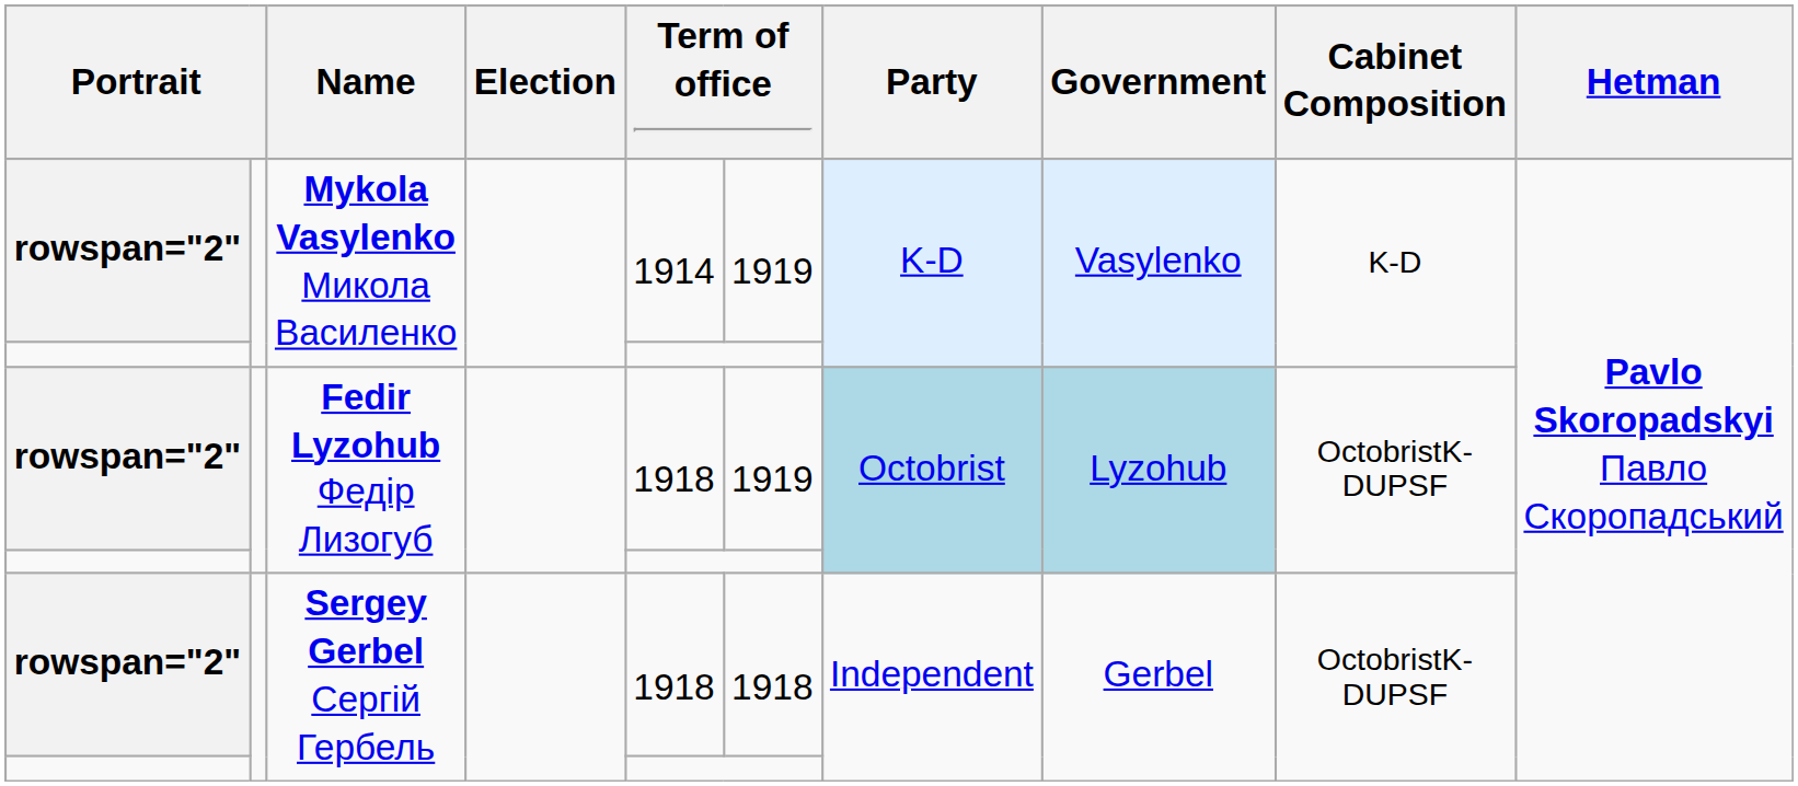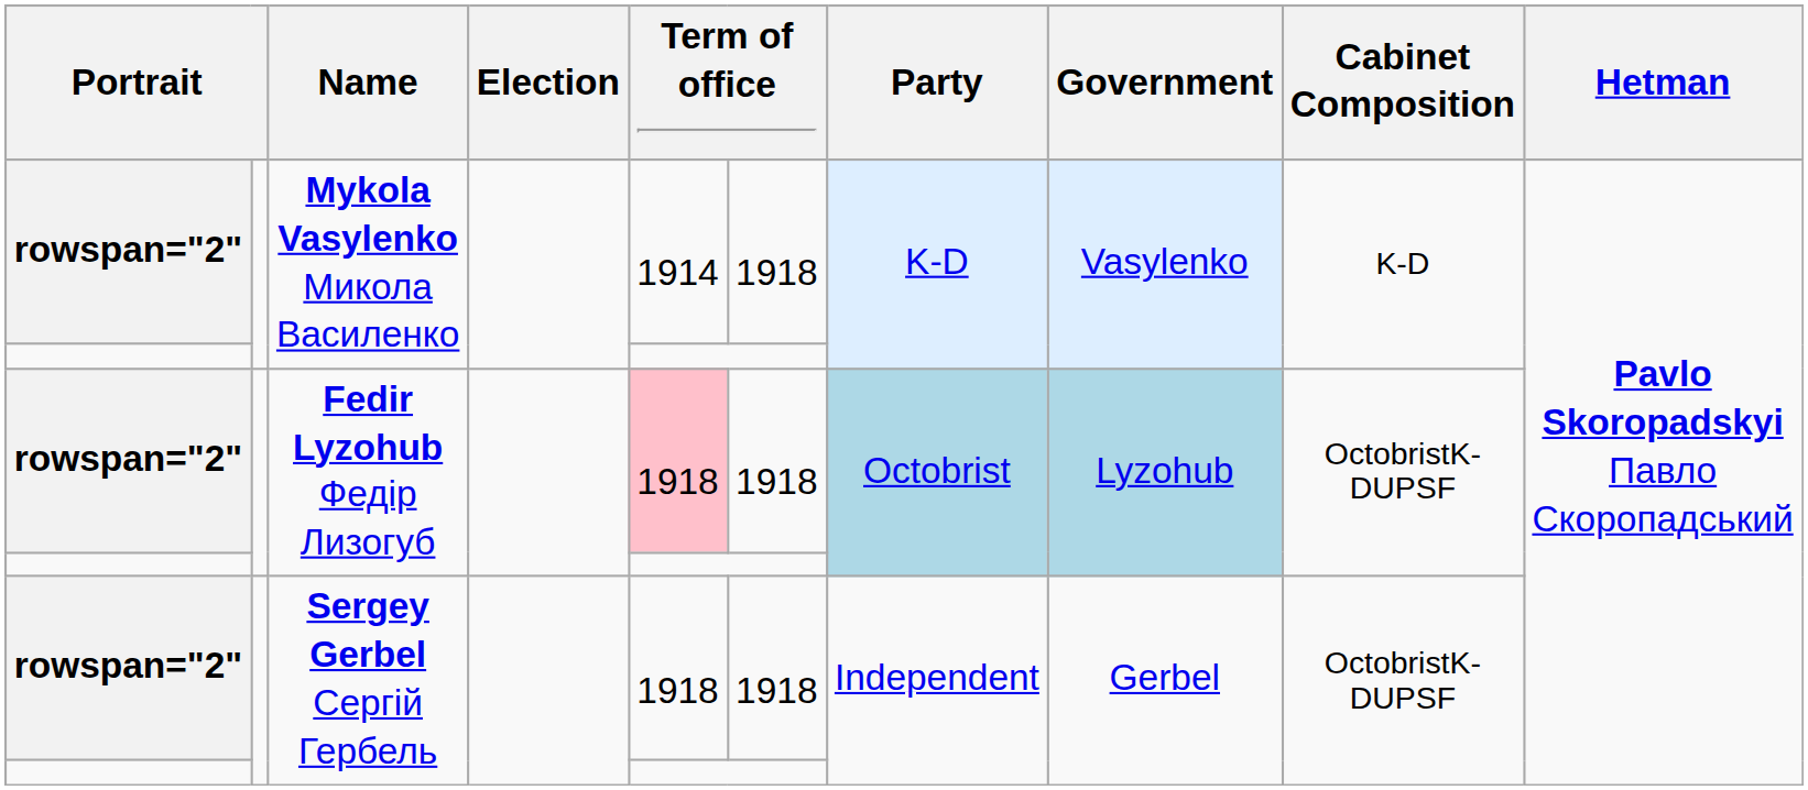 <table class="wikitable plainrowheaders" style="text-align: center; line-height: 130%; width: 99%">
 <tr>
 <th colspan="2" scope="col" style="width: 10%">Portrait</th>
 <th scope="col" style="width: 15%">Name<br></th>
 <th scope="col" style="width: 5%">Election</th>
 <th colspan="2" scope="col" style="width: 20%">Term of office<hr></th>
 <th scope="col" style="width: 10%">Party</th>
 <th scope="col" style="width: 10%">Government</th>
 <th scope="col" style="width: 20%">Cabinet Composition</th>
 <th scope="col" style="width: 10%"><a href='#'>Hetman</a></th>
 </tr>
 <tr>
 <th>rowspan="2" </th>
 <td rowspan="2"></td>
 <td rowspan="2"><a href='#'><strong>Mykola Vasylenko</strong><br><span>Микола Василенко</span></a><br></td>
 <td rowspan="2"></td>
 <td class="nowrap"><br>1914</td>
-<td class="nowrap"><br>1919</td>
+<td class="nowrap"><br>1918</td>
 <td rowspan="2" style="background:#DDEEFF "><a href='#'>K-D</a></td>
 <td rowspan="2" style="background:#DDEEFF "><a href='#'>Vasylenko</a></td>
 <td rowspan="2" style="font-size:85%; font-weight:normal; line-height:normal; text-align:center">K-D</td>
 <td rowspan="6" style="font-weight:normal; text-align:center"><a href='#'><strong>Pavlo<br>Skoropadskyi</strong><br><span>Павло<br>Скоропадський</span></a><br><br></td>
 </tr>
 <tr>
 <td colspan="2" style="font-weight:normal; text-align:center; font-size:85%"></td>
 </tr>
 <tr>
 <th>rowspan="2" </th>
 <td rowspan="2"></td>
 <td rowspan="2"><a href='#'><strong>Fedir Lyzohub</strong><br><span>Федір Лизогуб</span></a><br></td>
 <td rowspan="2"></td>
+<td class="nowrap" style="background: pink;"><br>1918</td>
 <td class="nowrap"><br>1918</td>
-<td class="nowrap"><br>1919</td>
 <td rowspan="2" style="background:#ADD8E6 "><a href='#'>Octobrist</a></td>
 <td rowspan="2" style="background:#ADD8E6 "><a href='#'>Lyzohub</a></td>
 <td rowspan="2" style="font-size:85%; font-weight:normal; line-height:normal; text-align:center">OctobristK-DUPSF</td>
 </tr>
 <tr>
 <td colspan="2" style="font-weight:normal; text-align:center; font-size:85%"></td>
 </tr>
 <tr>
 <th>rowspan="2" </th>
 <td rowspan="2"></td>
 <td rowspan="2"><a href='#'><strong>Sergey Gerbel</strong><br><span>Сергій Гербель</span></a><br></td>
 <td rowspan="2"></td>
 <td class="nowrap"><br>1918</td>
 <td class="nowrap"><br>1918</td>
 <td rowspan="2" style="background: "><a href='#'>Independent</a></td>
 <td rowspan="2" style="background: "><a href='#'>Gerbel</a></td>
 <td rowspan="2" style="font-size:85%; font-weight:normal; line-height:normal; text-align:center">OctobristK-DUPSF</td>
 </tr>
 <tr>
 <td colspan="2" style="font-weight:normal; text-align:center; font-size:85%"></td>
 </tr>
 </table>
